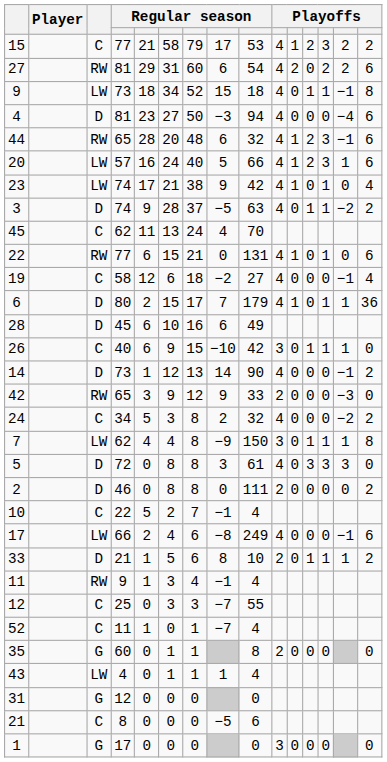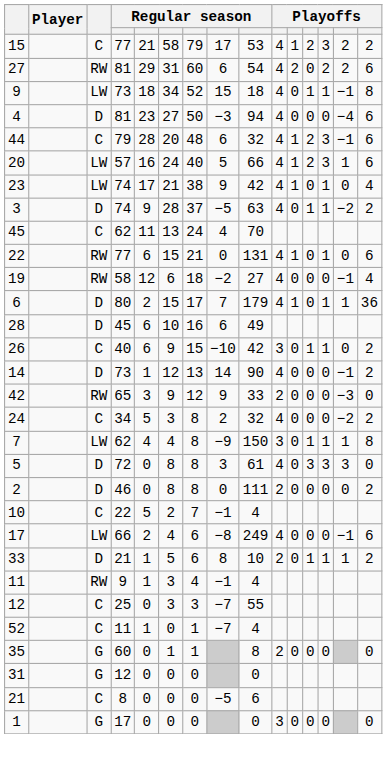 <table class="wikitable sortable plainrowheaders" style="text-align:center;">
 <tr>
 <th scope="col" data-sort-type="number" rowspan="2"></th>
 <th scope="col" rowspan="2">Player</th>
 <th scope="col" rowspan="2"></th>
 <th scope=colgroup colspan=6>Regular season</th>
 <th scope=colgroup colspan=6>Playoffs</th>
 </tr>
 <tr>
 <th scope="col" data-sort-type="number"></th>
 <th scope="col" data-sort-type="number"></th>
 <th scope="col" data-sort-type="number"></th>
 <th scope="col" data-sort-type="number"></th>
 <th scope="col" data-sort-type="number"></th>
 <th scope="col" data-sort-type="number"></th>
 <th scope="col" data-sort-type="number"></th>
 <th scope="col" data-sort-type="number"></th>
 <th scope="col" data-sort-type="number"></th>
 <th scope="col" data-sort-type="number"></th>
 <th scope="col" data-sort-type="number"></th>
 <th scope="col" data-sort-type="number"></th>
 </tr>
 <tr>
 <td scope="row">15</td>
 <td align="left"></td>
 <td>C</td>
 <td>77</td>
 <td>21</td>
 <td>58</td>
 <td>79</td>
 <td>17</td>
 <td>53</td>
 <td>4</td>
 <td>1</td>
 <td>2</td>
 <td>3</td>
 <td>2</td>
 <td>2</td>
 </tr>
 <tr>
 <td scope="row">27</td>
 <td align="left"></td>
 <td>RW</td>
 <td>81</td>
 <td>29</td>
 <td>31</td>
 <td>60</td>
 <td>6</td>
 <td>54</td>
 <td>4</td>
 <td>2</td>
 <td>0</td>
 <td>2</td>
 <td>2</td>
 <td>6</td>
 </tr>
 <tr>
 <td scope="row">9</td>
 <td align="left"></td>
 <td>LW</td>
 <td>73</td>
 <td>18</td>
 <td>34</td>
 <td>52</td>
 <td>15</td>
 <td>18</td>
 <td>4</td>
 <td>0</td>
 <td>1</td>
 <td>1</td>
 <td>−1</td>
 <td>8</td>
 </tr>
 <tr>
 <td scope="row">4</td>
 <td align="left"></td>
 <td>D</td>
 <td>81</td>
 <td>23</td>
 <td>27</td>
 <td>50</td>
 <td>−3</td>
 <td>94</td>
 <td>4</td>
 <td>0</td>
 <td>0</td>
 <td>0</td>
 <td>−4</td>
 <td>6</td>
 </tr>
 <tr>
 <td scope="row">44</td>
 <td align="left"></td>
-<td>RW</td>
-<td>65</td>
+<td>C</td>
+<td>79</td>
 <td>28</td>
 <td>20</td>
 <td>48</td>
 <td>6</td>
 <td>32</td>
 <td>4</td>
 <td>1</td>
 <td>2</td>
 <td>3</td>
 <td>−1</td>
 <td>6</td>
 </tr>
 <tr>
 <td scope="row">20</td>
 <td align="left"></td>
 <td>LW</td>
 <td>57</td>
 <td>16</td>
 <td>24</td>
 <td>40</td>
 <td>5</td>
 <td>66</td>
 <td>4</td>
 <td>1</td>
 <td>2</td>
 <td>3</td>
 <td>1</td>
 <td>6</td>
 </tr>
 <tr>
 <td scope="row">23</td>
 <td align="left"></td>
 <td>LW</td>
 <td>74</td>
 <td>17</td>
 <td>21</td>
 <td>38</td>
 <td>9</td>
 <td>42</td>
 <td>4</td>
 <td>1</td>
 <td>0</td>
 <td>1</td>
 <td>0</td>
 <td>4</td>
 </tr>
 <tr>
 <td scope="row">3</td>
 <td align="left"></td>
 <td>D</td>
 <td>74</td>
 <td>9</td>
 <td>28</td>
 <td>37</td>
 <td>−5</td>
 <td>63</td>
 <td>4</td>
 <td>0</td>
 <td>1</td>
 <td>1</td>
 <td>−2</td>
 <td>2</td>
 </tr>
 <tr>
 <td scope="row">45</td>
 <td align="left"></td>
 <td>C</td>
 <td>62</td>
 <td>11</td>
 <td>13</td>
 <td>24</td>
 <td>4</td>
 <td>70</td>
 <td></td>
 <td></td>
 <td></td>
 <td></td>
 <td></td>
 <td></td>
 </tr>
 <tr>
 <td scope="row">22</td>
 <td align="left"></td>
 <td>RW</td>
 <td>77</td>
 <td>6</td>
 <td>15</td>
 <td>21</td>
 <td>0</td>
 <td>131</td>
 <td>4</td>
 <td>1</td>
 <td>0</td>
 <td>1</td>
 <td>0</td>
 <td>6</td>
 </tr>
 <tr>
 <td scope="row">19</td>
 <td align="left"></td>
-<td>C</td>
+<td>RW</td>
 <td>58</td>
 <td>12</td>
 <td>6</td>
 <td>18</td>
 <td>−2</td>
 <td>27</td>
 <td>4</td>
 <td>0</td>
 <td>0</td>
 <td>0</td>
 <td>−1</td>
 <td>4</td>
 </tr>
 <tr>
 <td scope="row">6</td>
 <td align="left"></td>
 <td>D</td>
 <td>80</td>
 <td>2</td>
 <td>15</td>
 <td>17</td>
 <td>7</td>
 <td>179</td>
 <td>4</td>
 <td>1</td>
 <td>0</td>
 <td>1</td>
 <td>1</td>
 <td>36</td>
 </tr>
 <tr>
 <td scope="row">28</td>
 <td align="left"></td>
 <td>D</td>
 <td>45</td>
 <td>6</td>
 <td>10</td>
 <td>16</td>
 <td>6</td>
 <td>49</td>
 <td></td>
 <td></td>
 <td></td>
 <td></td>
 <td></td>
 <td></td>
 </tr>
 <tr>
 <td scope="row">26</td>
 <td align="left"></td>
 <td>C</td>
 <td>40</td>
 <td>6</td>
 <td>9</td>
 <td>15</td>
 <td>−10</td>
 <td>42</td>
 <td>3</td>
 <td>0</td>
 <td>1</td>
 <td>1</td>
-<td>1</td>
 <td>0</td>
+<td>2</td>
 </tr>
 <tr>
 <td scope="row">14</td>
 <td align="left"></td>
 <td>D</td>
 <td>73</td>
 <td>1</td>
 <td>12</td>
 <td>13</td>
 <td>14</td>
 <td>90</td>
 <td>4</td>
 <td>0</td>
 <td>0</td>
 <td>0</td>
 <td>−1</td>
 <td>2</td>
 </tr>
 <tr>
 <td scope="row">42</td>
 <td align="left"></td>
 <td>RW</td>
 <td>65</td>
 <td>3</td>
 <td>9</td>
 <td>12</td>
 <td>9</td>
 <td>33</td>
 <td>2</td>
 <td>0</td>
 <td>0</td>
 <td>0</td>
 <td>−3</td>
 <td>0</td>
 </tr>
 <tr>
 <td scope="row">24</td>
 <td align="left"></td>
 <td>C</td>
 <td>34</td>
 <td>5</td>
 <td>3</td>
 <td>8</td>
 <td>2</td>
 <td>32</td>
 <td>4</td>
 <td>0</td>
 <td>0</td>
 <td>0</td>
 <td>−2</td>
 <td>2</td>
 </tr>
 <tr>
 <td scope="row">7</td>
 <td align="left"></td>
 <td>LW</td>
 <td>62</td>
 <td>4</td>
 <td>4</td>
 <td>8</td>
 <td>−9</td>
 <td>150</td>
 <td>3</td>
 <td>0</td>
 <td>1</td>
 <td>1</td>
 <td>1</td>
 <td>8</td>
 </tr>
 <tr>
 <td scope="row">5</td>
 <td align="left"></td>
 <td>D</td>
 <td>72</td>
 <td>0</td>
 <td>8</td>
 <td>8</td>
 <td>3</td>
 <td>61</td>
 <td>4</td>
 <td>0</td>
 <td>3</td>
 <td>3</td>
 <td>3</td>
 <td>0</td>
 </tr>
 <tr>
 <td scope="row">2</td>
 <td align="left"></td>
 <td>D</td>
 <td>46</td>
 <td>0</td>
 <td>8</td>
 <td>8</td>
 <td>0</td>
 <td>111</td>
 <td>2</td>
 <td>0</td>
 <td>0</td>
 <td>0</td>
 <td>0</td>
 <td>2</td>
 </tr>
 <tr>
 <td scope="row">10</td>
 <td align="left"></td>
 <td>C</td>
 <td>22</td>
 <td>5</td>
 <td>2</td>
 <td>7</td>
 <td>−1</td>
 <td>4</td>
 <td></td>
 <td></td>
 <td></td>
 <td></td>
 <td></td>
 <td></td>
 </tr>
 <tr>
 <td scope="row">17</td>
 <td align="left"></td>
 <td>LW</td>
 <td>66</td>
 <td>2</td>
 <td>4</td>
 <td>6</td>
 <td>−8</td>
 <td>249</td>
 <td>4</td>
 <td>0</td>
 <td>0</td>
 <td>0</td>
 <td>−1</td>
 <td>6</td>
 </tr>
 <tr>
 <td scope="row">33</td>
 <td align="left"></td>
 <td>D</td>
 <td>21</td>
 <td>1</td>
 <td>5</td>
 <td>6</td>
 <td>8</td>
 <td>10</td>
 <td>2</td>
 <td>0</td>
 <td>1</td>
 <td>1</td>
 <td>1</td>
 <td>2</td>
 </tr>
 <tr>
 <td scope="row">11</td>
 <td align="left"></td>
 <td>RW</td>
 <td>9</td>
 <td>1</td>
 <td>3</td>
 <td>4</td>
 <td>−1</td>
 <td>4</td>
 <td></td>
 <td></td>
 <td></td>
 <td></td>
 <td></td>
 <td></td>
 </tr>
 <tr>
 <td scope="row">12</td>
 <td align="left"></td>
 <td>C</td>
 <td>25</td>
 <td>0</td>
 <td>3</td>
 <td>3</td>
 <td>−7</td>
 <td>55</td>
 <td></td>
 <td></td>
 <td></td>
 <td></td>
 <td></td>
 <td></td>
 </tr>
 <tr>
 <td scope="row">52</td>
 <td align="left"></td>
 <td>C</td>
 <td>11</td>
 <td>1</td>
 <td>0</td>
 <td>1</td>
 <td>−7</td>
 <td>4</td>
 <td></td>
 <td></td>
 <td></td>
 <td></td>
 <td></td>
 <td></td>
 </tr>
 <tr>
 <td scope="row">35</td>
 <td align="left"></td>
 <td>G</td>
 <td>60</td>
 <td>0</td>
 <td>1</td>
 <td>1</td>
 <td style="background:#ccc"></td>
 <td>8</td>
 <td>2</td>
 <td>0</td>
 <td>0</td>
 <td>0</td>
 <td style="background:#ccc"></td>
 <td>0</td>
 </tr>
 <tr>
-<td scope="row">43</td>
-<td align="left"></td>
-<td>LW</td>
-<td>4</td>
-<td>0</td>
-<td>1</td>
-<td>1</td>
-<td>1</td>
-<td>4</td>
-<td></td>
-<td></td>
-<td></td>
-<td></td>
-<td></td>
-<td></td>
-</tr>
-<tr>
 <td scope="row">31</td>
 <td align="left"></td>
 <td>G</td>
 <td>12</td>
 <td>0</td>
 <td>0</td>
 <td>0</td>
 <td style="background:#ccc"></td>
 <td>0</td>
 <td></td>
 <td></td>
 <td></td>
 <td></td>
 <td></td>
 <td></td>
 </tr>
 <tr>
 <td scope="row">21</td>
 <td align="left"></td>
 <td>C</td>
 <td>8</td>
 <td>0</td>
 <td>0</td>
 <td>0</td>
 <td>−5</td>
 <td>6</td>
 <td></td>
 <td></td>
 <td></td>
 <td></td>
 <td></td>
 <td></td>
 </tr>
 <tr>
 <td scope="row">1</td>
 <td align="left"></td>
 <td>G</td>
 <td>17</td>
 <td>0</td>
 <td>0</td>
 <td>0</td>
 <td style="background:#ccc"></td>
 <td>0</td>
 <td>3</td>
 <td>0</td>
 <td>0</td>
 <td>0</td>
 <td style="background:#ccc"></td>
 <td>0</td>
 </tr>
 </table>
